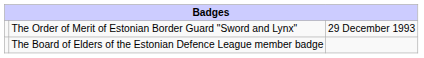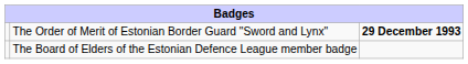 <table class="wikitable">
 <tr bgcolor = "#ccccff" align=center>
 <td colspan=3><strong>Badges</strong></td>
 </tr>
 <tr>
 <td></td>
 <td>The Order of Merit of Estonian Border Guard "Sword and Lynx"</td>
-<td>29 December 1993</td>
+<td><strong>29 December 1993</strong></td>
 </tr>
 <tr>
 <td></td>
 <td>The Board of Elders of the Estonian Defence League member badge</td>
 <td></td>
 </tr>
 </table>
